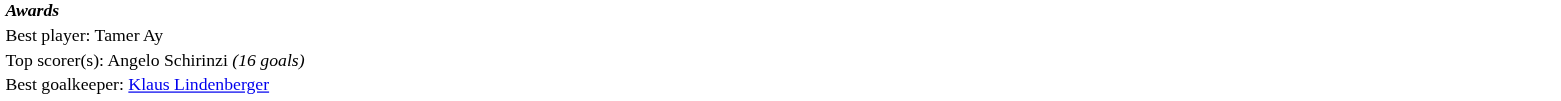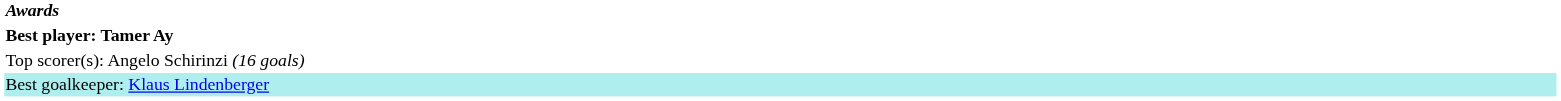 <table width=100% cellspacing=1 style="font-size: 90%;">
 <tr>
 <td><strong><em>Awards</em></strong></td>
 </tr>
 <tr>
-<td>Best player:  Tamer Ay</td>
+<td><strong>Best player:  Tamer Ay</strong></td>
 </tr>
 <tr>
 <td colspan=4>Top scorer(s):  Angelo Schirinzi <em>(16 goals)</em></td>
 </tr>
 <tr>
-<td>Best goalkeeper:  <a href='#'>Klaus Lindenberger</a></td>
+<td style="background: paleturquoise;">Best goalkeeper:  <a href='#'>Klaus Lindenberger</a></td>
 </tr>
 </table>
